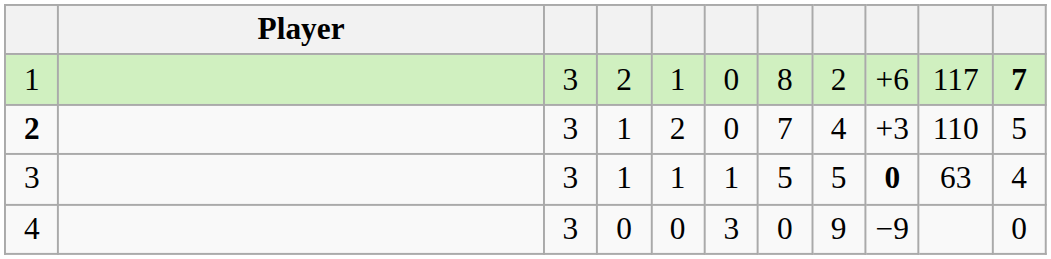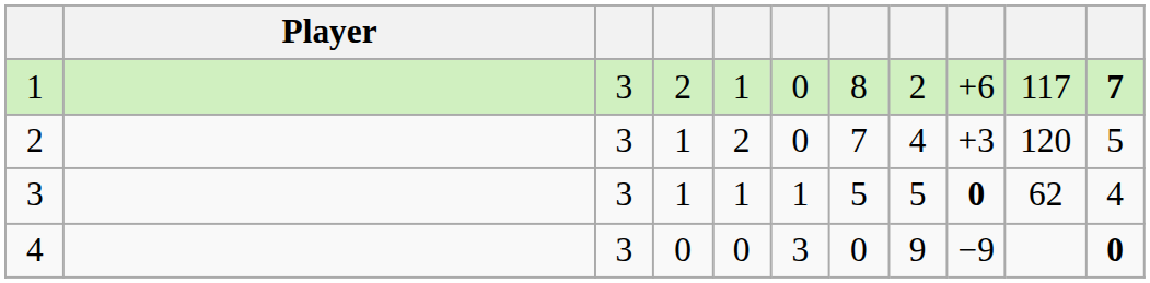 <table class="wikitable" style="text-align:center; margin: 1em auto 1em auto, align:left">
 <tr>
 <th width=20></th>
 <th width=240>Player</th>
 <th width=20></th>
 <th width=20></th>
 <th width=20></th>
 <th width=20></th>
 <th width=20></th>
 <th width=20></th>
 <th width=20></th>
 <th width=30></th>
 <th width=20></th>
 </tr>
 <tr style="background:#D0F0C0;">
 <td>1</td>
 <td align=left></td>
 <td>3</td>
 <td>2</td>
 <td>1</td>
 <td>0</td>
 <td>8</td>
 <td>2</td>
 <td>+6</td>
 <td>117</td>
 <td><strong>7</strong></td>
 </tr>
 <tr style=>
-<td><strong>2</strong></td>
+<td>2</td>
 <td align=left></td>
 <td>3</td>
 <td>1</td>
 <td>2</td>
 <td>0</td>
 <td>7</td>
 <td>4</td>
 <td>+3</td>
-<td>110</td>
+<td>120</td>
 <td>5</td>
 </tr>
 <tr style=>
 <td>3</td>
 <td align=left></td>
 <td>3</td>
 <td>1</td>
 <td>1</td>
 <td>1</td>
 <td>5</td>
 <td>5</td>
 <td><strong>0</strong></td>
-<td>63</td>
+<td>62</td>
 <td>4</td>
 </tr>
 <tr style=>
 <td>4</td>
 <td align=left></td>
 <td>3</td>
 <td>0</td>
 <td>0</td>
 <td>3</td>
 <td>0</td>
 <td>9</td>
 <td>−9</td>
 <td></td>
-<td>0</td>
+<td><strong>0</strong></td>
 </tr>
 </table>
